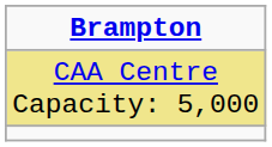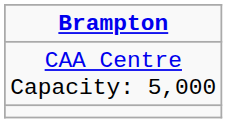 <table class="wikitable" style="text-align:center;">
 <tr>
 <td><strong><a href='#'>Brampton</a></strong></td>
 </tr>
 <tr>
-<td style="background: khaki;"><a href='#'>CAA Centre</a><br>Capacity: 5,000</td>
+<td><a href='#'>CAA Centre</a><br>Capacity: 5,000</td>
 </tr>
 <tr>
 <td></td>
 </tr>
 </table>
